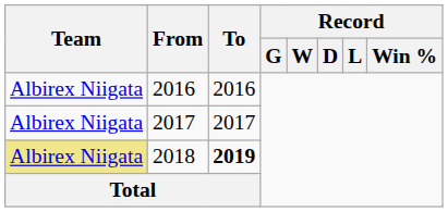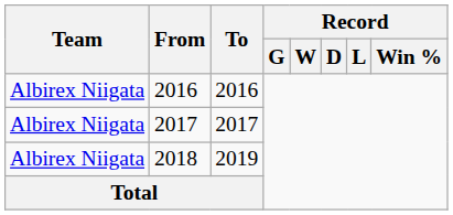 <table class="wikitable" style="text-align: center">
 <tr>
 <th rowspan="2">Team</th>
 <th rowspan="2">From</th>
 <th rowspan="2">To</th>
 <th colspan="5">Record</th>
 </tr>
 <tr>
 <th>G</th>
 <th>W</th>
 <th>D</th>
 <th>L</th>
 <th>Win %</th>
 </tr>
 <tr>
 <td align="left"><a href='#'>Albirex Niigata</a></td>
 <td align="left">2016</td>
 <td align="left">2016<br></td>
 </tr>
 <tr>
 <td align="left"><a href='#'>Albirex Niigata</a></td>
 <td align="left">2017</td>
 <td align="left">2017<br></td>
 </tr>
 <tr>
-<td align="left" style="background: khaki;"><a href='#'>Albirex Niigata</a></td>
+<td align="left"><a href='#'>Albirex Niigata</a></td>
 <td align="left">2018</td>
-<td align="left"><strong>2019<br></strong></td>
+<td align="left">2019<br></td>
 </tr>
 <tr>
 <th colspan="3">Total<br></th>
 </tr>
 </table>
